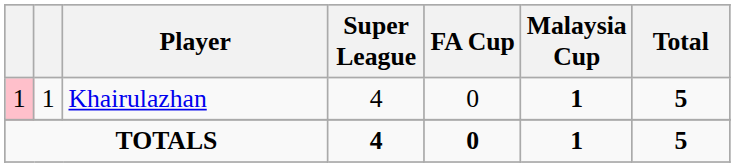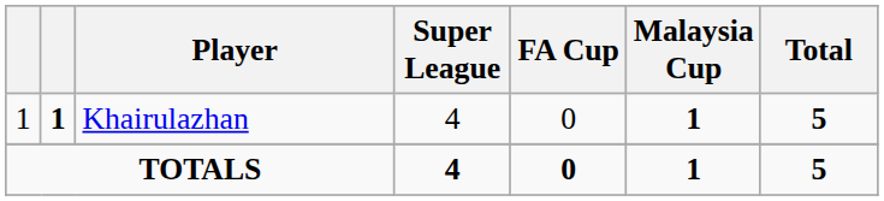 <table class="wikitable sortable" style="font-size: 95%; text-align: center;">
 <tr>
 <th width=10></th>
 <th width=10></th>
 <th width=150>Player</th>
 <th width=50>Super League</th>
 <th width=50>FA Cup</th>
 <th width=50>Malaysia Cup</th>
 <th width=50>Total</th>
 </tr>
 <tr>
-<td style="background: pink;">1</td>
 <td>1</td>
+<td><strong>1</strong></td>
 <td align=left> <a href='#'>Khairulazhan</a></td>
 <td>4</td>
 <td>0</td>
 <td><strong>1</strong></td>
 <td><strong>5</strong></td>
 </tr>
 <tr>
 </tr>
 <tr class="sortbottom">
 <td colspan=3><strong>TOTALS</strong></td>
 <td><strong>4</strong></td>
 <td><strong>0</strong></td>
 <td><strong>1</strong></td>
 <td><strong>5</strong></td>
 </tr>
 </table>
